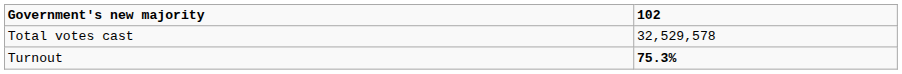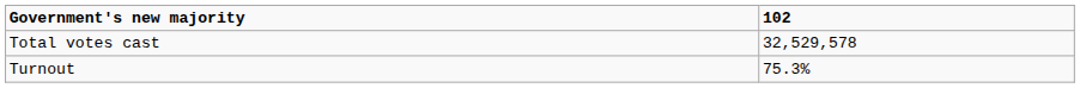 <table class="wikitable" style="width:70%">
 <tr>
 <td><strong>Government's new majority</strong></td>
 <td><strong>102</strong></td>
 </tr>
 <tr>
 <td>Total votes cast</td>
 <td>32,529,578</td>
 </tr>
 <tr>
 <td>Turnout</td>
-<td><strong>75.3%</strong></td>
+<td>75.3%</td>
 </tr>
 </table>
